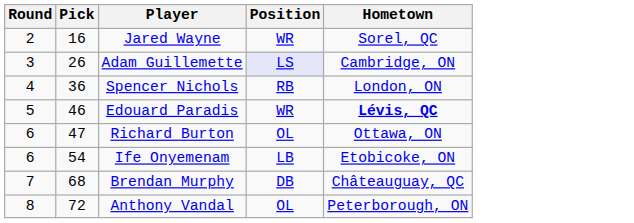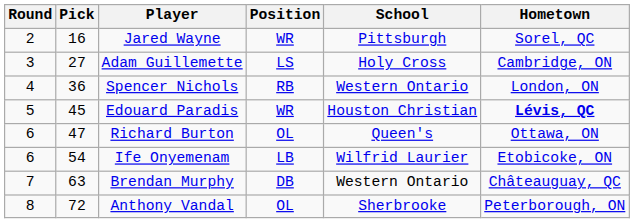 <table class="wikitable" style="font-size: 95%;">
 <tr>
 <th scope="col">Round</th>
 <th scope="col">Pick</th>
 <th scope="col">Player</th>
 <th scope="col">Position</th>
+<th scope="col">School</th>
 <th scope="col">Hometown</th>
 </tr>
 <tr align="center">
 <td align=center>2</td>
 <td>16</td>
 <td><a href='#'>Jared Wayne</a></td>
 <td><a href='#'>WR</a></td>
+<td><a href='#'>Pittsburgh</a></td>
 <td><a href='#'>Sorel, QC</a></td>
 </tr>
 <tr align="center">
 <td align=center>3</td>
-<td>26</td>
+<td>27</td>
 <td><a href='#'>Adam Guillemette</a></td>
-<td style="background: lavender;"><a href='#'>LS</a></td>
+<td><a href='#'>LS</a></td>
+<td><a href='#'>Holy Cross</a></td>
 <td><a href='#'>Cambridge, ON</a></td>
 </tr>
 <tr align="center">
 <td align=center>4</td>
 <td>36</td>
 <td><a href='#'>Spencer Nichols</a></td>
 <td><a href='#'>RB</a></td>
+<td><a href='#'>Western Ontario</a></td>
 <td><a href='#'>London, ON</a></td>
 </tr>
 <tr align="center">
 <td align=center>5</td>
-<td>46</td>
+<td>45</td>
 <td><a href='#'>Edouard Paradis</a></td>
 <td><a href='#'>WR</a></td>
+<td><a href='#'>Houston Christian</a></td>
 <td><strong><a href='#'>Lévis, QC</a></strong></td>
 </tr>
 <tr align="center">
 <td align=center>6</td>
 <td>47</td>
 <td><a href='#'>Richard Burton</a></td>
 <td><a href='#'>OL</a></td>
+<td><a href='#'>Queen's</a></td>
 <td><a href='#'>Ottawa, ON</a></td>
 </tr>
 <tr align="center">
 <td align=center>6</td>
 <td>54</td>
 <td><a href='#'>Ife Onyemenam</a></td>
 <td><a href='#'>LB</a></td>
+<td><a href='#'>Wilfrid Laurier</a></td>
 <td><a href='#'>Etobicoke, ON</a></td>
 </tr>
 <tr align="center">
 <td align=center>7</td>
-<td>68</td>
+<td>63</td>
 <td><a href='#'>Brendan Murphy</a></td>
 <td><a href='#'>DB</a></td>
+<td>Western Ontario</td>
 <td><a href='#'>Châteauguay, QC</a></td>
 </tr>
 <tr align="center">
 <td align=center>8</td>
 <td>72</td>
 <td><a href='#'>Anthony Vandal</a></td>
 <td><a href='#'>OL</a></td>
+<td><a href='#'>Sherbrooke</a></td>
 <td><a href='#'>Peterborough, ON</a></td>
 </tr>
 </table>
